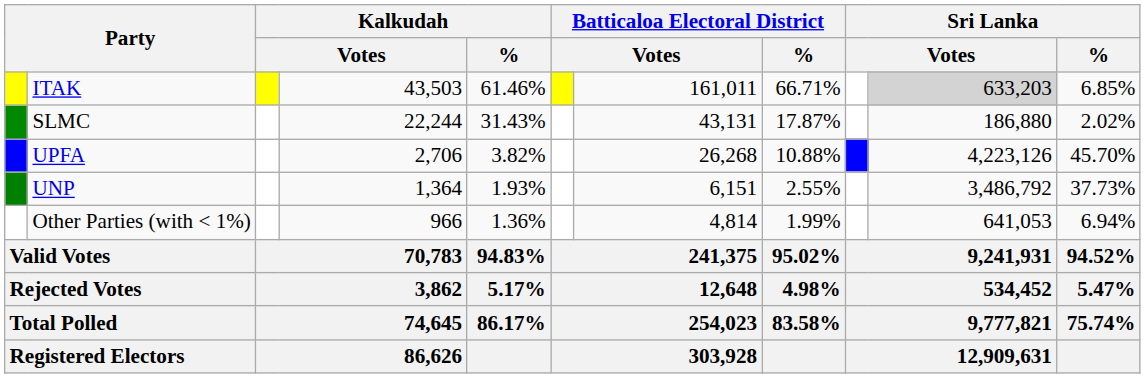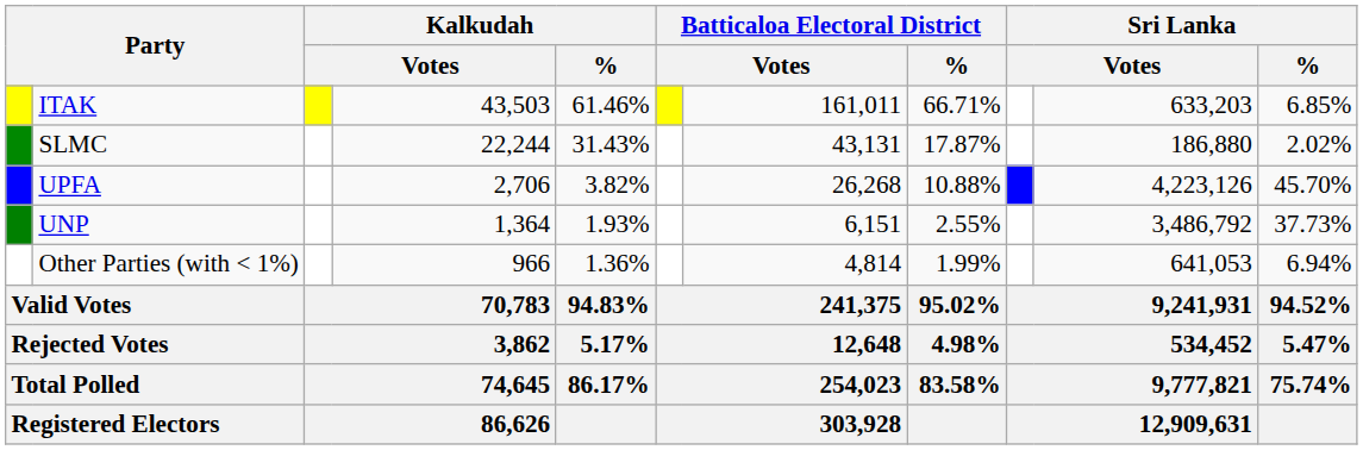 <table class="wikitable">
 <tr>
 <th colspan="2" width="144px"rowspan="2">Party</th>
 <th colspan="3" width="216px">Kalkudah</th>
 <th colspan="3" width="216px"><a href='#'>Batticaloa Electoral District</a></th>
 <th colspan="3" width="216px">Sri Lanka</th>
 </tr>
 <tr>
 <th colspan="2" width="144px">Votes</th>
 <th>%</th>
 <th colspan="2" width="144px">Votes</th>
 <th>%</th>
 <th colspan="2" width="144px">Votes</th>
 <th>%</th>
 </tr>
 <tr>
 <td style="background-color:yellow;" width="10px"></td>
 <td style="text-align:left;"><a href='#'>ITAK</a></td>
 <td style="background-color:yellow;" width="10px"></td>
 <td style="text-align:right;">43,503</td>
 <td style="text-align:right;">61.46%</td>
 <td style="background-color:yellow;" width="10px"></td>
 <td style="text-align:right;">161,011</td>
 <td style="text-align:right;">66.71%</td>
 <td style="background-color:white;" width="10px"></td>
-<td style="background: lightgrey; text-align:right;">633,203</td>
+<td style="text-align:right;">633,203</td>
 <td style="text-align:right;">6.85%</td>
 </tr>
 <tr>
 <td style="background-color:#008800;" width="10px"></td>
 <td style="text-align:left;">SLMC</td>
 <td style="background-color:white;" width="10px"></td>
 <td style="text-align:right;">22,244</td>
 <td style="text-align:right;">31.43%</td>
 <td style="background-color:white;" width="10px"></td>
 <td style="text-align:right;">43,131</td>
 <td style="text-align:right;">17.87%</td>
 <td style="background-color:white;" width="10px"></td>
 <td style="text-align:right;">186,880</td>
 <td style="text-align:right;">2.02%</td>
 </tr>
 <tr>
 <td style="background-color:blue;" width="10px"></td>
 <td style="text-align:left;"><a href='#'>UPFA</a></td>
 <td style="background-color:white;" width="10px"></td>
 <td style="text-align:right;">2,706</td>
 <td style="text-align:right;">3.82%</td>
 <td style="background-color:white;" width="10px"></td>
 <td style="text-align:right;">26,268</td>
 <td style="text-align:right;">10.88%</td>
 <td style="background-color:blue;" width="10px"></td>
 <td style="text-align:right;">4,223,126</td>
 <td style="text-align:right;">45.70%</td>
 </tr>
 <tr>
 <td style="background-color:green;" width="10px"></td>
 <td style="text-align:left;"><a href='#'>UNP</a></td>
 <td style="background-color:white;" width="10px"></td>
 <td style="text-align:right;">1,364</td>
 <td style="text-align:right;">1.93%</td>
 <td style="background-color:white;" width="10px"></td>
 <td style="text-align:right;">6,151</td>
 <td style="text-align:right;">2.55%</td>
 <td style="background-color:white;" width="10px"></td>
 <td style="text-align:right;">3,486,792</td>
 <td style="text-align:right;">37.73%</td>
 </tr>
 <tr>
 <td style="background-color:white;" width="10px"></td>
 <td style="text-align:left;">Other Parties (with < 1%)</td>
 <td style="background-color:white;" width="10px"></td>
 <td style="text-align:right;">966</td>
 <td style="text-align:right;">1.36%</td>
 <td style="background-color:white;" width="10px"></td>
 <td style="text-align:right;">4,814</td>
 <td style="text-align:right;">1.99%</td>
 <td style="background-color:white;" width="10px"></td>
 <td style="text-align:right;">641,053</td>
 <td style="text-align:right;">6.94%</td>
 </tr>
 <tr>
 <th colspan="2" width="144px"style="text-align:left;">Valid Votes</th>
 <th style="text-align:right;"colspan="2" width="144px">70,783</th>
 <th style="text-align:right;">94.83%</th>
 <th style="text-align:right;"colspan="2" width="144px">241,375</th>
 <th style="text-align:right;">95.02%</th>
 <th style="text-align:right;"colspan="2" width="144px">9,241,931</th>
 <th style="text-align:right;">94.52%</th>
 </tr>
 <tr>
 <th colspan="2" width="144px"style="text-align:left;">Rejected Votes</th>
 <th style="text-align:right;"colspan="2" width="144px">3,862</th>
 <th style="text-align:right;">5.17%</th>
 <th style="text-align:right;"colspan="2" width="144px">12,648</th>
 <th style="text-align:right;">4.98%</th>
 <th style="text-align:right;"colspan="2" width="144px">534,452</th>
 <th style="text-align:right;">5.47%</th>
 </tr>
 <tr>
 <th colspan="2" width="144px"style="text-align:left;">Total Polled</th>
 <th style="text-align:right;"colspan="2" width="144px">74,645</th>
 <th style="text-align:right;">86.17%</th>
 <th style="text-align:right;"colspan="2" width="144px">254,023</th>
 <th style="text-align:right;">83.58%</th>
 <th style="text-align:right;"colspan="2" width="144px">9,777,821</th>
 <th style="text-align:right;">75.74%</th>
 </tr>
 <tr>
 <th colspan="2" width="144px"style="text-align:left;">Registered Electors</th>
 <th style="text-align:right;"colspan="2" width="144px">86,626</th>
 <th></th>
 <th style="text-align:right;"colspan="2" width="144px">303,928</th>
 <th></th>
 <th style="text-align:right;"colspan="2" width="144px">12,909,631</th>
 <th></th>
 </tr>
 </table>
